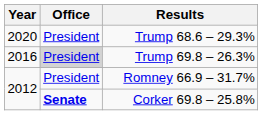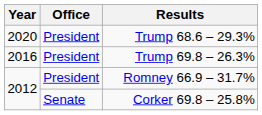 <table class=wikitable>
 <tr>
 <th width="30">Year</th>
 <th width="60">Office</th>
 <th width="180">Results</th>
 </tr>
 <tr>
 <td>2020</td>
 <td><a href='#'>President</a></td>
 <td align="right" ><a href='#'>Trump</a> 68.6 – 29.3%</td>
 </tr>
 <tr>
 <td>2016</td>
-<td style="background: lightgrey;"><a href='#'>President</a></td>
+<td><a href='#'>President</a></td>
 <td align="right" ><a href='#'>Trump</a> 69.8 – 26.3%</td>
 </tr>
 <tr>
 <td rowspan="2">2012</td>
 <td><a href='#'>President</a></td>
 <td align="right" ><a href='#'>Romney</a> 66.9 – 31.7%</td>
 </tr>
 <tr>
-<td><strong><a href='#'>Senate</a></strong></td>
+<td><a href='#'>Senate</a></td>
 <td align="right" ><a href='#'>Corker</a> 69.8 – 25.8%</td>
 </tr>
 </table>
